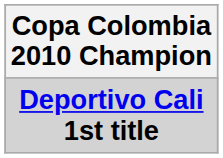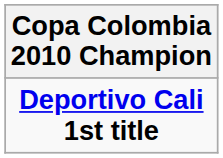 <table class="wikitable" style="text-align: center; margin: 0 auto;">
 <tr>
 <th>Copa Colombia<br>2010 Champion</th>
 </tr>
 <tr>
-<td style="background: lightgrey;"><strong><a href='#'>Deportivo Cali</a></strong><br><strong>1st title</strong></td>
+<td><strong><a href='#'>Deportivo Cali</a></strong><br><strong>1st title</strong></td>
 </tr>
 </table>
